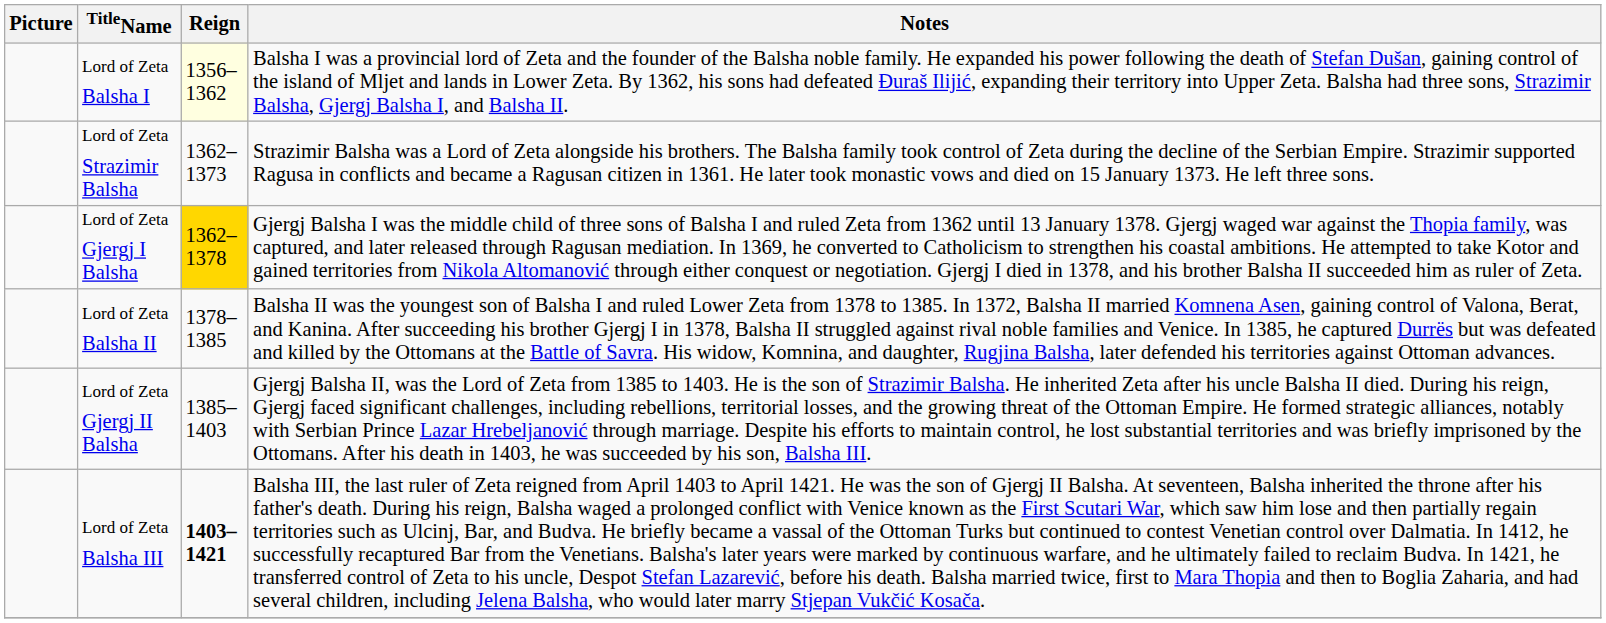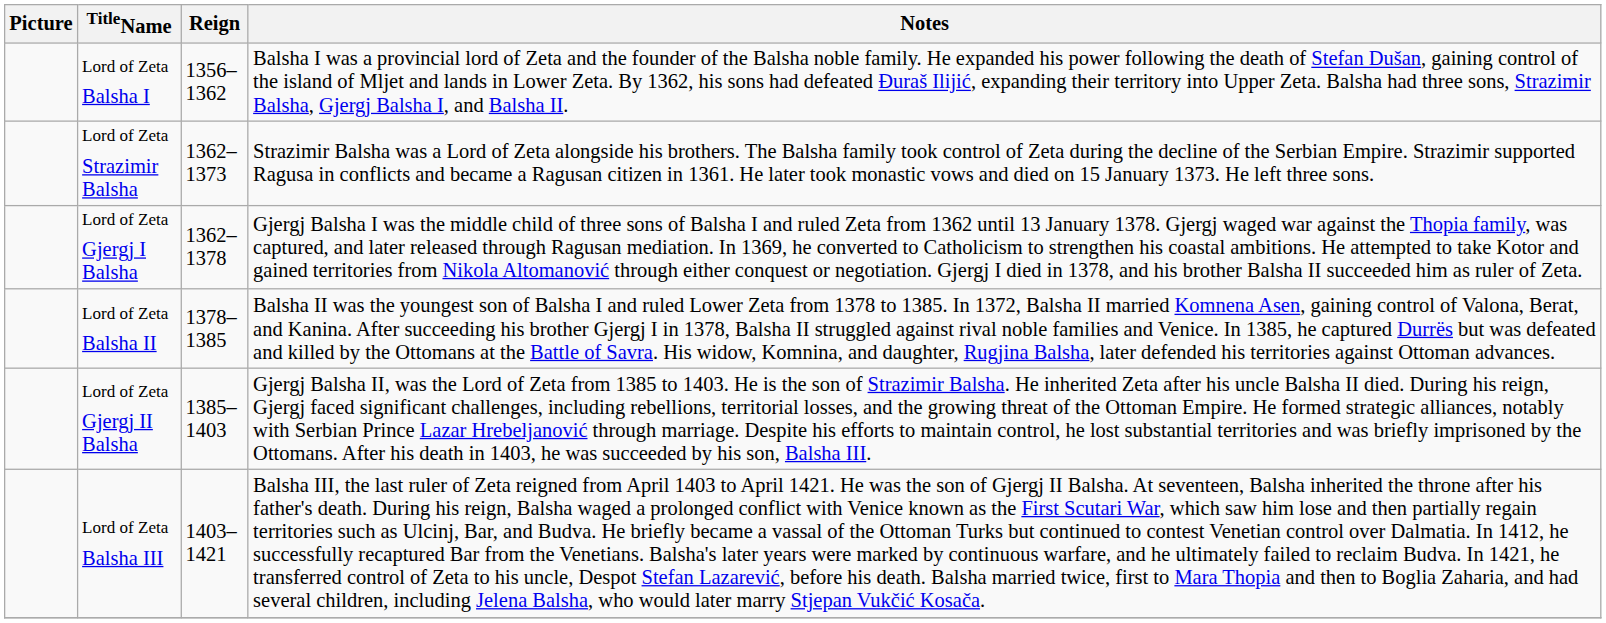 <table class="wikitable">
 <tr ->
 <th>Picture</th>
 <th><sup>Title</sup>Name</th>
 <th>Reign</th>
 <th>Notes</th>
 </tr>
 <tr ->
 <td></td>
 <td><sup>Lord of Zeta</sup><br><a href='#'>Balsha I</a></td>
-<td style="background: lightyellow;">1356–1362</td>
+<td>1356–1362</td>
 <td>Balsha I was a provincial lord of Zeta and the founder of the Balsha noble family. He expanded his power following the death of <a href='#'>Stefan Dušan</a>, gaining control of the island of Mljet and lands in Lower Zeta. By 1362, his sons had defeated <a href='#'>Đuraš Ilijić</a>, expanding their territory into Upper Zeta. Balsha had three sons, <a href='#'>Strazimir Balsha</a>, <a href='#'>Gjergj Balsha I</a>, and <a href='#'>Balsha II</a>.</td>
 </tr>
 <tr ->
 <td></td>
 <td><sup> Lord of Zeta</sup><br><a href='#'>Strazimir Balsha</a></td>
 <td>1362–1373</td>
 <td>Strazimir Balsha was a Lord of Zeta alongside his brothers. The Balsha family took control of Zeta during the decline of the Serbian Empire. Strazimir supported Ragusa in conflicts and became a Ragusan citizen in 1361. He later took monastic vows and died on 15 January 1373. He left three sons.</td>
 </tr>
 <tr ->
 <td></td>
 <td><sup>Lord of Zeta</sup><br><a href='#'>Gjergj I Balsha</a></td>
-<td style="background: gold;">1362–1378</td>
+<td>1362–1378</td>
 <td>Gjergj Balsha I was the middle child of three sons of Balsha I and ruled Zeta from 1362 until 13 January 1378.  Gjergj waged war against the <a href='#'>Thopia family</a>, was captured, and later released through Ragusan mediation. In 1369, he converted to Catholicism to strengthen his coastal ambitions. He attempted to take Kotor and gained territories from <a href='#'>Nikola Altomanović</a> through either conquest or negotiation. Gjergj I died in 1378, and his brother Balsha II succeeded him as ruler of Zeta.</td>
 </tr>
 <tr ->
 <td></td>
 <td><sup>Lord of Zeta</sup><br><a href='#'>Balsha II</a></td>
 <td>1378–1385</td>
 <td>Balsha II  was the youngest son of Balsha I and ruled Lower Zeta from 1378 to 1385.  In 1372, Balsha II married <a href='#'>Komnena Asen</a>, gaining control of Valona, Berat, and Kanina. After succeeding his brother Gjergj I in 1378, Balsha II struggled against rival noble families and Venice. In 1385, he captured <a href='#'>Durrës</a> but was defeated and killed by the Ottomans at the <a href='#'>Battle of Savra</a>. His widow, Komnina, and daughter, <a href='#'>Rugjina Balsha</a>, later defended his territories against Ottoman advances.</td>
 </tr>
 <tr ->
 <td></td>
 <td><sup> Lord of Zeta </sup><br><a href='#'>Gjergj II Balsha</a></td>
 <td>1385–1403</td>
 <td>Gjergj Balsha II, was the Lord of Zeta from 1385 to 1403. He is the son of <a href='#'>Strazimir Balsha</a>. He inherited  Zeta after his uncle Balsha II died. During his reign, Gjergj faced significant challenges, including rebellions, territorial losses, and the growing threat of the Ottoman Empire. He formed strategic alliances, notably with Serbian Prince <a href='#'>Lazar Hrebeljanović</a> through marriage. Despite his efforts to maintain control, he lost substantial territories and was briefly imprisoned by the Ottomans. After his death in 1403, he was succeeded by his son, <a href='#'>Balsha III</a>.</td>
 </tr>
 <tr ->
 <td></td>
 <td><sup>Lord of Zeta</sup><br><a href='#'>Balsha III</a></td>
-<td><strong>1403–1421</strong></td>
+<td>1403–1421</td>
 <td>Balsha III, the last ruler of Zeta reigned from April 1403 to April 1421. He was the son of Gjergj II Balsha. At seventeen, Balsha inherited the throne after his father's death. During his reign, Balsha waged a prolonged conflict with Venice known as the <a href='#'>First Scutari War</a>, which saw him lose and then partially regain territories such as Ulcinj, Bar, and Budva. He briefly became a vassal of the Ottoman Turks but continued to contest Venetian control over Dalmatia. In 1412, he successfully recaptured Bar from the Venetians. Balsha's later years were marked by continuous warfare, and he ultimately failed to reclaim Budva. In 1421, he transferred control of Zeta to his uncle, Despot <a href='#'>Stefan Lazarević</a>, before his death. Balsha married twice, first to <a href='#'>Mara Thopia</a> and then to Boglia Zaharia, and had several children, including <a href='#'>Jelena Balsha</a>, who would later marry <a href='#'>Stjepan Vukčić Kosača</a>.</td>
 </tr>
 <tr ->
 </tr>
 </table>
